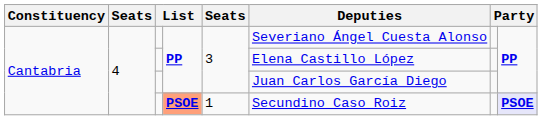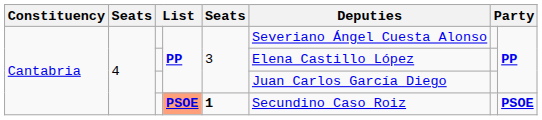 <table class="wikitable sortable">
 <tr>
 <th>Constituency</th>
 <th>Seats</th>
 <th colspan="2">List</th>
 <th>Seats</th>
 <th>Deputies</th>
 <th colspan="2">Party</th>
 </tr>
 <tr>
 <td rowspan="4"><a href='#'>Cantabria</a></td>
 <td rowspan="4">4</td>
 <td></td>
 <td rowspan="3"><strong><a href='#'>PP</a></strong></td>
 <td rowspan="3">3</td>
 <td><a href='#'>Severiano Ángel Cuesta Alonso</a></td>
 <td></td>
 <td rowspan="3"><strong><a href='#'>PP</a></strong></td>
 </tr>
 <tr>
 <td></td>
 <td><a href='#'>Elena Castillo López</a></td>
 <td></td>
 </tr>
 <tr>
 <td></td>
 <td><a href='#'>Juan Carlos García Diego</a></td>
 <td></td>
 </tr>
 <tr>
 <td width="1"></td>
 <td style="background: lightsalmon;"><strong><a href='#'>PSOE</a></strong></td>
-<td>1</td>
+<td><strong>1</strong></td>
 <td><a href='#'>Secundino Caso Roiz</a></td>
 <td width="1"></td>
-<td style="background: lavender;"><strong><a href='#'>PSOE</a></strong></td>
+<td><strong><a href='#'>PSOE</a></strong></td>
 </tr>
 </table>
